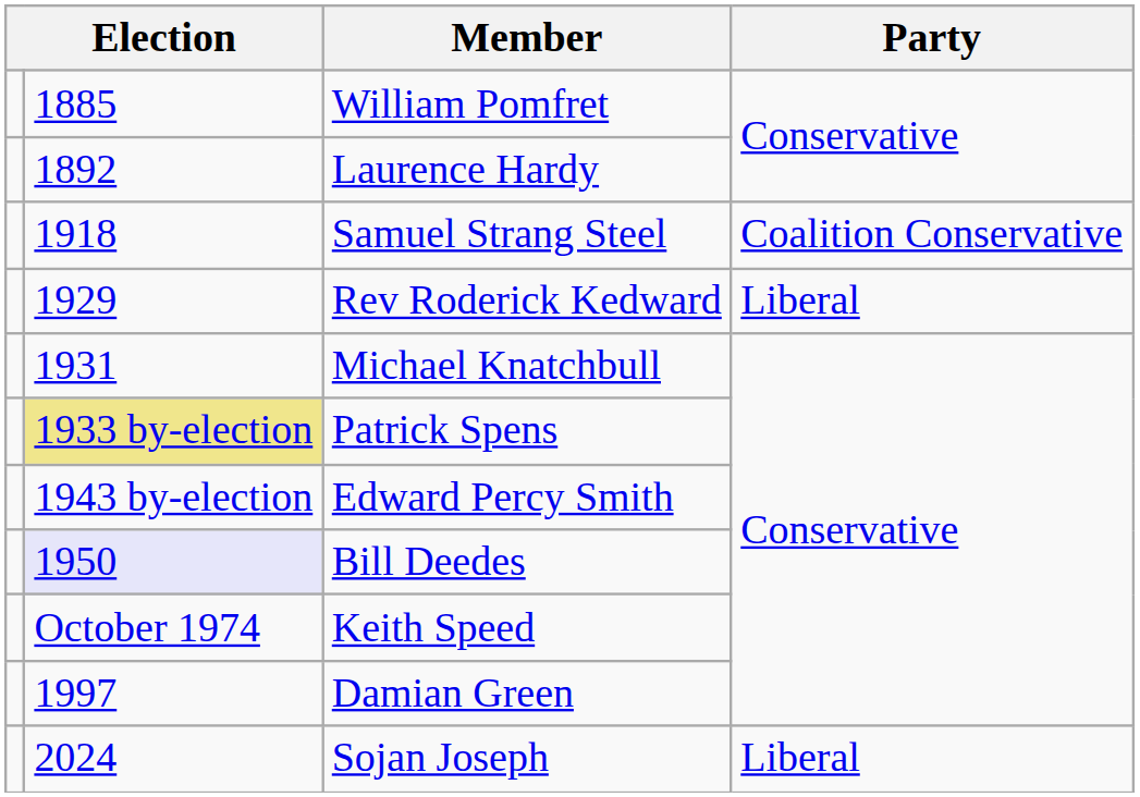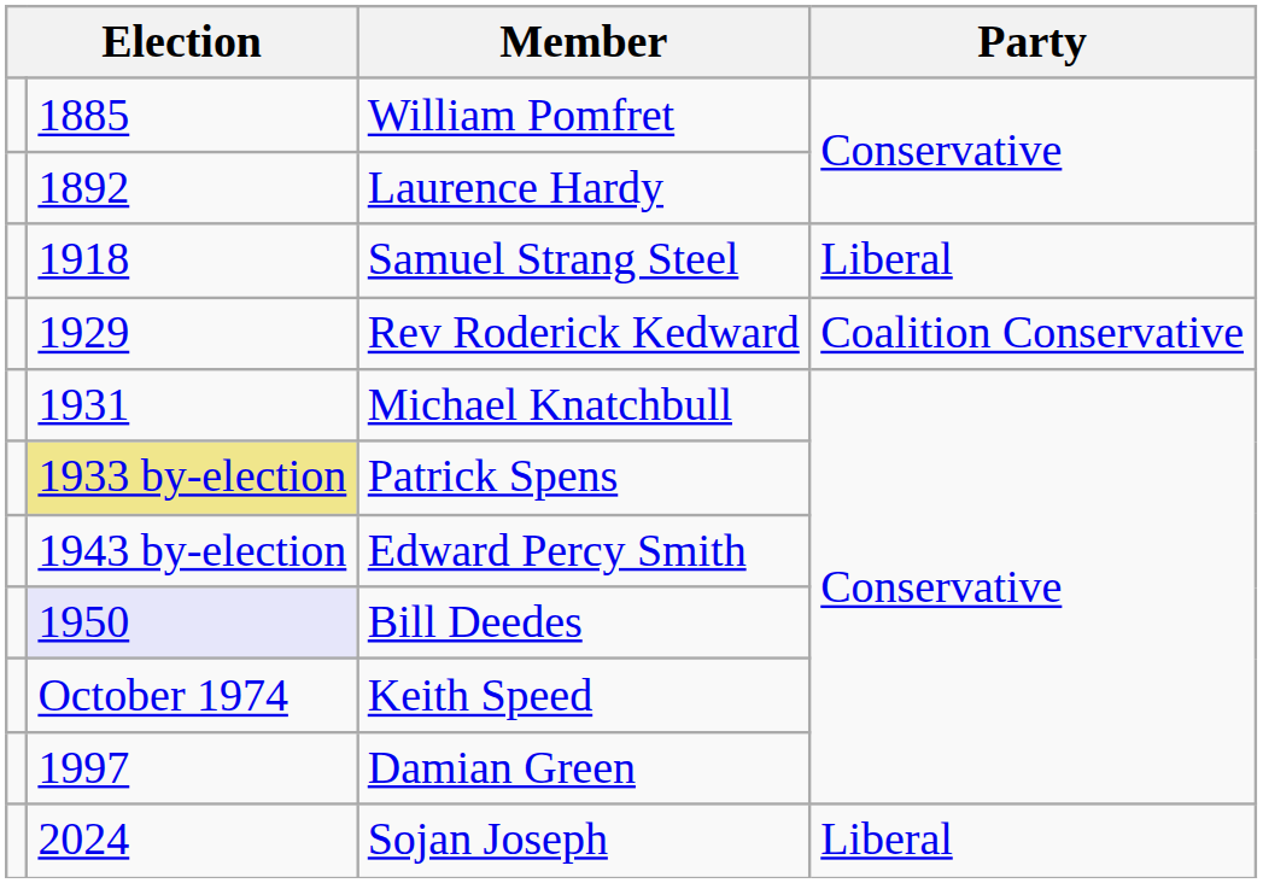 <table class="wikitable">
 <tr>
 <th colspan="2">Election</th>
 <th>Member</th>
 <th>Party</th>
 </tr>
 <tr>
 <td style="color:inherit;background-color: "></td>
 <td><a href='#'>1885</a></td>
 <td><a href='#'>William Pomfret</a></td>
 <td rowspan="2"><a href='#'>Conservative</a></td>
 </tr>
 <tr>
 <td style="color:inherit;background-color: "></td>
 <td><a href='#'>1892</a></td>
 <td><a href='#'>Laurence Hardy</a></td>
 </tr>
 <tr>
 <td style="color:inherit;background-color: "></td>
 <td><a href='#'>1918</a></td>
 <td><a href='#'>Samuel Strang Steel</a></td>
-<td><a href='#'>Coalition Conservative</a></td>
+<td><a href='#'>Liberal</a></td>
 </tr>
 <tr>
 <td style="color:inherit;background-color: "></td>
 <td><a href='#'>1929</a></td>
 <td><a href='#'>Rev Roderick Kedward</a></td>
-<td><a href='#'>Liberal</a></td>
+<td><a href='#'>Coalition Conservative</a></td>
 </tr>
 <tr>
 <td style="color:inherit;background-color: "></td>
 <td><a href='#'>1931</a></td>
 <td><a href='#'>Michael Knatchbull</a></td>
 <td rowspan="6"><a href='#'>Conservative</a></td>
 </tr>
 <tr>
 <td style="color:inherit;background-color: "></td>
 <td style="background: khaki;"><a href='#'>1933 by-election</a></td>
 <td><a href='#'>Patrick Spens</a></td>
 </tr>
 <tr>
 <td style="color:inherit;background-color: "></td>
 <td><a href='#'>1943 by-election</a></td>
 <td><a href='#'>Edward Percy Smith</a></td>
 </tr>
 <tr>
 <td style="color:inherit;background-color: "></td>
 <td style="background: lavender;"><a href='#'>1950</a></td>
 <td><a href='#'>Bill Deedes</a></td>
 </tr>
 <tr>
 <td style="color:inherit;background-color: "></td>
 <td><a href='#'>October 1974</a></td>
 <td><a href='#'>Keith Speed</a></td>
 </tr>
 <tr>
 <td style="color:inherit;background-color: "></td>
 <td><a href='#'>1997</a></td>
 <td><a href='#'>Damian Green</a></td>
 </tr>
 <tr>
 <td style="color:inherit;background-color: "></td>
 <td><a href='#'>2024</a></td>
 <td><a href='#'>Sojan Joseph</a></td>
 <td><a href='#'>Liberal</a></td>
 </tr>
 </table>
